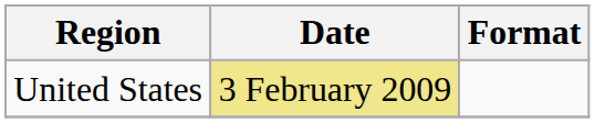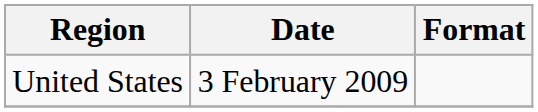 <table class="wikitable">
 <tr>
 <th>Region</th>
 <th>Date</th>
 <th>Format</th>
 </tr>
 <tr>
 <td>United States</td>
-<td style="background: khaki;">3 February 2009</td>
+<td>3 February 2009</td>
 <td></td>
 </tr>
 <tr>
 </tr>
 </table>
